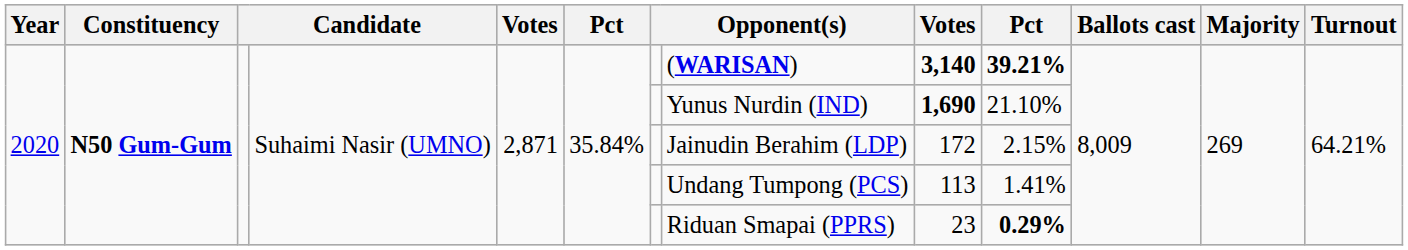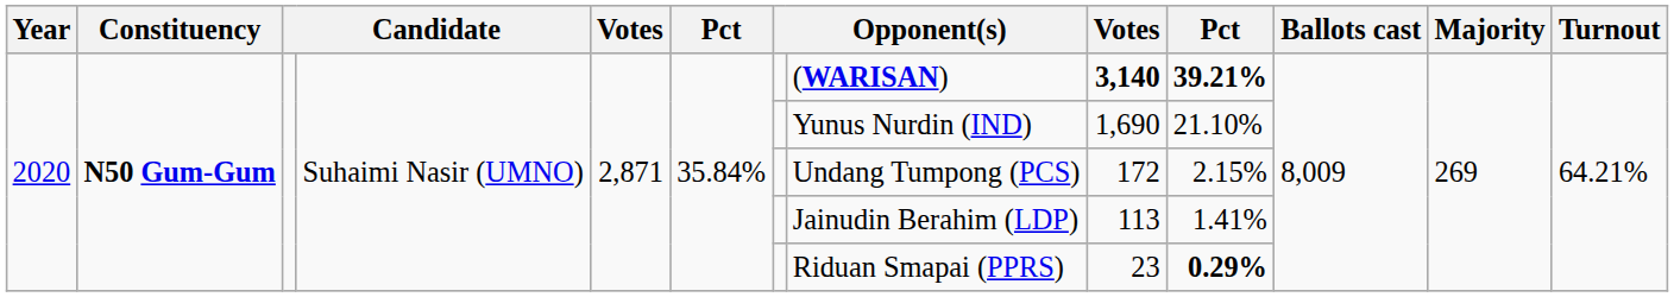 <table class="wikitable" style="margin:0.5em ; font-size:95%">
 <tr>
 <th>Year</th>
 <th>Constituency</th>
 <th colspan=2>Candidate</th>
 <th>Votes</th>
 <th>Pct</th>
 <th colspan=2>Opponent(s)</th>
 <th>Votes</th>
 <th>Pct</th>
 <th>Ballots cast</th>
 <th>Majority</th>
 <th>Turnout</th>
 </tr>
 <tr>
 <td rowspan=5><a href='#'>2020</a></td>
 <td rowspan=5><strong>N50 <a href='#'>Gum-Gum</a></strong></td>
 <td rowspan=5 ></td>
 <td rowspan=5>Suhaimi Nasir (<a href='#'>UMNO</a>)</td>
 <td rowspan=5 align="right">2,871</td>
 <td rowspan=5>35.84%</td>
 <td></td>
 <td> (<strong><a href='#'>WARISAN</a></strong>)</td>
 <td align="right"><strong>3,140</strong></td>
 <td><strong>39.21%</strong></td>
 <td rowspan=5>8,009</td>
 <td rowspan=5>269</td>
 <td rowspan=5>64.21%</td>
 </tr>
 <tr>
 <td></td>
 <td>Yunus Nurdin (<a href='#'>IND</a>)</td>
-<td align="right"><strong>1,690</strong></td>
+<td align="right">1,690</td>
 <td>21.10%</td>
 </tr>
 <tr>
 <td></td>
-<td>Jainudin Berahim (<a href='#'>LDP</a>)</td>
+<td>Undang Tumpong (<a href='#'>PCS</a>)</td>
 <td align="right">172</td>
 <td align="right">2.15%</td>
 </tr>
 <tr>
 <td></td>
-<td>Undang Tumpong (<a href='#'>PCS</a>)</td>
+<td>Jainudin Berahim (<a href='#'>LDP</a>)</td>
 <td align="right">113</td>
 <td align="right">1.41%</td>
 </tr>
 <tr>
 <td></td>
 <td>Riduan Smapai (<a href='#'>PPRS</a>)</td>
 <td align="right">23</td>
 <td align="right"><strong>0.29%</strong></td>
 </tr>
 </table>
